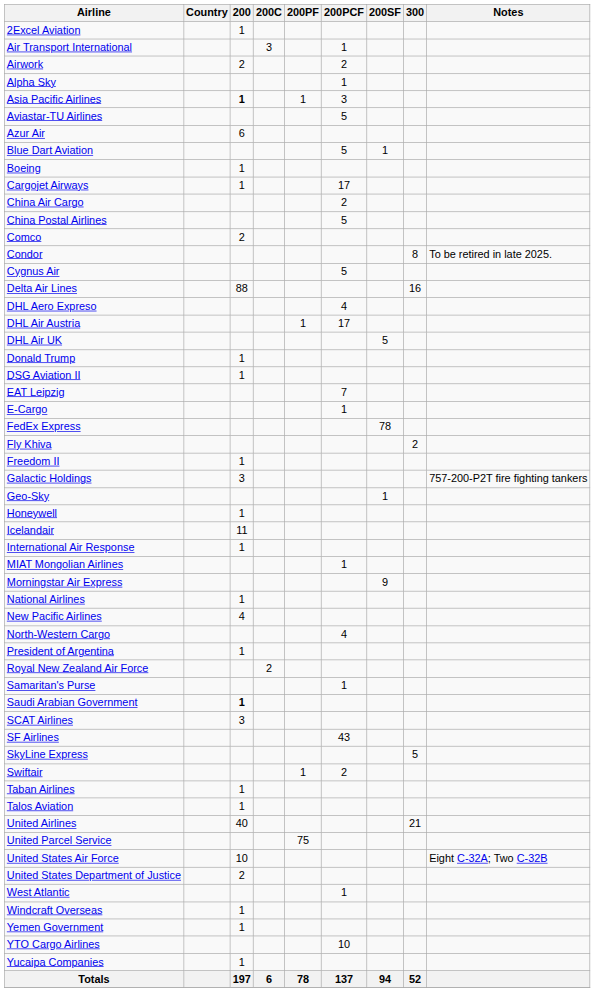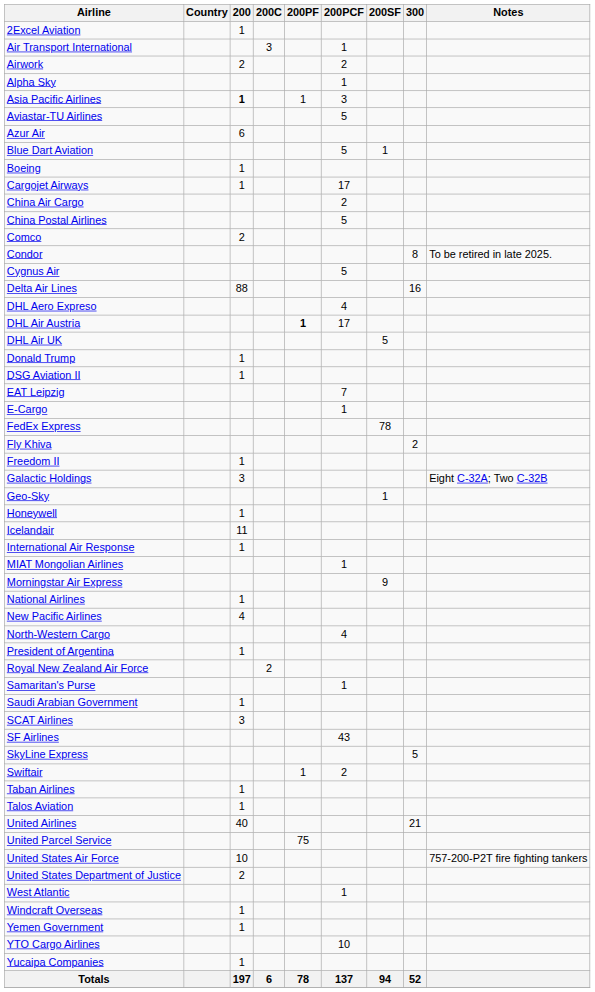 <table class="wikitable sortable sticky-header" style=text-align:center;>
 <tr>
 <th>Airline</th>
 <th class="unsortable">Country</th>
 <th>200</th>
 <th>200C</th>
 <th>200PF</th>
 <th>200PCF</th>
 <th>200SF</th>
 <th>300</th>
 <th class="unsortable">Notes</th>
 </tr>
 <tr>
 <td align=left><a href='#'>2Excel Aviation</a></td>
 <td></td>
 <td>1</td>
 <td></td>
 <td></td>
 <td></td>
 <td></td>
 <td></td>
 <td align=left></td>
 </tr>
 <tr>
 <td align=left><a href='#'>Air Transport International</a></td>
 <td></td>
 <td></td>
 <td>3</td>
 <td></td>
 <td>1</td>
 <td></td>
 <td></td>
 <td align=left></td>
 </tr>
 <tr>
 <td align=left><a href='#'>Airwork</a></td>
 <td></td>
 <td>2</td>
 <td></td>
 <td></td>
 <td>2</td>
 <td></td>
 <td></td>
 <td align=left></td>
 </tr>
 <tr>
 <td align=left><a href='#'>Alpha Sky</a></td>
 <td></td>
 <td></td>
 <td></td>
 <td></td>
 <td>1</td>
 <td></td>
 <td></td>
 <td align=left></td>
 </tr>
 <tr>
 <td align=left><a href='#'>Asia Pacific Airlines</a></td>
 <td></td>
 <td><strong>1</strong></td>
 <td></td>
 <td>1</td>
 <td>3</td>
 <td></td>
 <td></td>
 <td align=left></td>
 </tr>
 <tr>
 <td align=left><a href='#'>Aviastar-TU Airlines</a></td>
 <td></td>
 <td></td>
 <td></td>
 <td></td>
 <td>5</td>
 <td></td>
 <td></td>
 <td align=left></td>
 </tr>
 <tr>
 <td align=left><a href='#'>Azur Air</a></td>
 <td></td>
 <td>6</td>
 <td></td>
 <td></td>
 <td></td>
 <td></td>
 <td></td>
 <td align=left></td>
 </tr>
 <tr>
 <td align=left><a href='#'>Blue Dart Aviation</a></td>
 <td></td>
 <td></td>
 <td></td>
 <td></td>
 <td>5</td>
 <td>1</td>
 <td></td>
 <td align=left></td>
 </tr>
 <tr>
 <td align=left><a href='#'>Boeing</a></td>
 <td></td>
 <td>1</td>
 <td></td>
 <td></td>
 <td></td>
 <td></td>
 <td></td>
 <td align=left></td>
 </tr>
 <tr>
 <td align=left><a href='#'>Cargojet Airways</a></td>
 <td></td>
 <td>1</td>
 <td></td>
 <td></td>
 <td>17</td>
 <td></td>
 <td></td>
 <td align=left></td>
 </tr>
 <tr>
 <td align=left><a href='#'>China Air Cargo</a></td>
 <td></td>
 <td></td>
 <td></td>
 <td></td>
 <td>2</td>
 <td></td>
 <td></td>
 <td align=left></td>
 </tr>
 <tr>
 <td align=left><a href='#'>China Postal Airlines</a></td>
 <td></td>
 <td></td>
 <td></td>
 <td></td>
 <td>5</td>
 <td></td>
 <td></td>
 <td align=left></td>
 </tr>
 <tr>
 <td align=left><a href='#'>Comco</a></td>
 <td></td>
 <td>2</td>
 <td></td>
 <td></td>
 <td></td>
 <td></td>
 <td></td>
 <td align=left></td>
 </tr>
 <tr>
 <td align=left><a href='#'>Condor</a></td>
 <td></td>
 <td></td>
 <td></td>
 <td></td>
 <td></td>
 <td></td>
 <td>8</td>
 <td align=left>To be retired in late 2025.</td>
 </tr>
 <tr>
 <td align=left><a href='#'>Cygnus Air</a></td>
 <td></td>
 <td></td>
 <td></td>
 <td></td>
 <td>5</td>
 <td></td>
 <td></td>
 <td align=left></td>
 </tr>
 <tr>
 <td align=left><a href='#'>Delta Air Lines</a></td>
 <td></td>
 <td>88</td>
 <td></td>
 <td></td>
 <td></td>
 <td></td>
 <td>16</td>
 <td align=left></td>
 </tr>
 <tr>
 <td align=left><a href='#'>DHL Aero Expreso</a></td>
 <td></td>
 <td></td>
 <td></td>
 <td></td>
 <td>4</td>
 <td></td>
 <td></td>
 <td align=left></td>
 </tr>
 <tr>
 <td align=left><a href='#'>DHL Air Austria</a></td>
 <td></td>
 <td></td>
 <td></td>
-<td>1</td>
+<td><strong>1</strong></td>
 <td>17</td>
 <td></td>
 <td></td>
 <td align=left></td>
 </tr>
 <tr>
 <td align=left><a href='#'>DHL Air UK</a></td>
 <td></td>
 <td></td>
 <td></td>
 <td></td>
 <td></td>
 <td>5</td>
 <td></td>
 <td align=left></td>
 </tr>
 <tr>
 <td align=left><a href='#'>Donald Trump</a></td>
 <td></td>
 <td>1</td>
 <td></td>
 <td></td>
 <td></td>
 <td></td>
 <td></td>
 <td align=left></td>
 </tr>
 <tr>
 <td align=left><a href='#'>DSG Aviation II</a></td>
 <td></td>
 <td>1</td>
 <td></td>
 <td></td>
 <td></td>
 <td></td>
 <td></td>
 <td align=left></td>
 </tr>
 <tr>
 <td align=left><a href='#'>EAT Leipzig</a></td>
 <td></td>
 <td></td>
 <td></td>
 <td></td>
 <td>7</td>
 <td></td>
 <td></td>
 <td align=left></td>
 </tr>
 <tr>
 <td align=left><a href='#'>E-Cargo</a></td>
 <td></td>
 <td></td>
 <td></td>
 <td></td>
 <td>1</td>
 <td></td>
 <td></td>
 <td align=left></td>
 </tr>
 <tr>
 <td align=left><a href='#'>FedEx Express</a></td>
 <td></td>
 <td></td>
 <td></td>
 <td></td>
 <td></td>
 <td>78</td>
 <td></td>
 <td align=left></td>
 </tr>
 <tr>
 <td align=left><a href='#'>Fly Khiva</a></td>
 <td></td>
 <td></td>
 <td></td>
 <td></td>
 <td></td>
 <td></td>
 <td>2</td>
 <td align=left></td>
 </tr>
 <tr>
 <td align=left><a href='#'>Freedom II</a></td>
 <td></td>
 <td>1</td>
 <td></td>
 <td></td>
 <td></td>
 <td></td>
 <td></td>
 <td align=left></td>
 </tr>
 <tr>
 <td align=left><a href='#'>Galactic Holdings</a></td>
 <td></td>
 <td>3</td>
 <td></td>
 <td></td>
 <td></td>
 <td></td>
 <td></td>
-<td align=left>757-200-P2T fire fighting tankers</td>
+<td align=left>Eight <a href='#'>C-32A</a>; Two <a href='#'>C-32B</a></td>
 </tr>
 <tr>
 <td align=left><a href='#'>Geo-Sky</a></td>
 <td></td>
 <td></td>
 <td></td>
 <td></td>
 <td></td>
 <td>1</td>
 <td></td>
 <td align=left></td>
 </tr>
 <tr>
 <td align=left><a href='#'>Honeywell</a></td>
 <td></td>
 <td>1</td>
 <td></td>
 <td></td>
 <td></td>
 <td></td>
 <td></td>
 <td align=left></td>
 </tr>
 <tr>
 <td align=left><a href='#'>Icelandair</a></td>
 <td></td>
 <td>11</td>
 <td></td>
 <td></td>
 <td></td>
 <td></td>
 <td></td>
 <td align=left></td>
 </tr>
 <tr>
 <td align=left><a href='#'>International Air Response</a></td>
 <td></td>
 <td>1</td>
 <td></td>
 <td></td>
 <td></td>
 <td></td>
 <td></td>
 <td align=left></td>
 </tr>
 <tr>
 <td align=left><a href='#'>MIAT Mongolian Airlines</a></td>
 <td></td>
 <td></td>
 <td></td>
 <td></td>
 <td>1</td>
 <td></td>
 <td></td>
 <td align=left></td>
 </tr>
 <tr>
 <td align=left><a href='#'>Morningstar Air Express</a></td>
 <td></td>
 <td></td>
 <td></td>
 <td></td>
 <td></td>
 <td>9</td>
 <td></td>
 <td align=left></td>
 </tr>
 <tr>
 <td align=left><a href='#'>National Airlines</a></td>
 <td></td>
 <td>1</td>
 <td></td>
 <td></td>
 <td></td>
 <td></td>
 <td></td>
 <td align=left></td>
 </tr>
 <tr>
 <td align=left><a href='#'>New Pacific Airlines</a></td>
 <td></td>
 <td>4</td>
 <td></td>
 <td></td>
 <td></td>
 <td></td>
 <td></td>
 <td align=left></td>
 </tr>
 <tr>
 <td align=left><a href='#'>North-Western Cargo</a></td>
 <td></td>
 <td></td>
 <td></td>
 <td></td>
 <td>4</td>
 <td></td>
 <td></td>
 <td align=left></td>
 </tr>
 <tr>
 <td align=left><a href='#'>President of Argentina</a></td>
 <td></td>
 <td>1</td>
 <td></td>
 <td></td>
 <td></td>
 <td></td>
 <td></td>
 <td align=left></td>
 </tr>
 <tr>
 <td align=left><a href='#'>Royal New Zealand Air Force</a></td>
 <td></td>
 <td></td>
 <td>2</td>
 <td></td>
 <td></td>
 <td></td>
 <td></td>
 <td align=left></td>
 </tr>
 <tr>
 <td align=left><a href='#'>Samaritan's Purse</a></td>
 <td></td>
 <td></td>
 <td></td>
 <td></td>
 <td>1</td>
 <td></td>
 <td></td>
 <td align=left></td>
 </tr>
 <tr>
 <td align=left><a href='#'>Saudi Arabian Government</a></td>
 <td></td>
-<td><strong>1</strong></td>
+<td>1</td>
 <td></td>
 <td></td>
 <td></td>
 <td></td>
 <td></td>
 <td align=left></td>
 </tr>
 <tr>
 <td align=left><a href='#'>SCAT Airlines</a></td>
 <td></td>
 <td>3</td>
 <td></td>
 <td></td>
 <td></td>
 <td></td>
 <td></td>
 <td align=left></td>
 </tr>
 <tr>
 <td align=left><a href='#'>SF Airlines</a></td>
 <td></td>
 <td></td>
 <td></td>
 <td></td>
 <td>43</td>
 <td></td>
 <td></td>
 <td align=left></td>
 </tr>
 <tr>
 <td align=left><a href='#'>SkyLine Express</a></td>
 <td></td>
 <td></td>
 <td></td>
 <td></td>
 <td></td>
 <td></td>
 <td>5</td>
 <td align=left></td>
 </tr>
 <tr>
 <td align=left><a href='#'>Swiftair</a></td>
 <td></td>
 <td></td>
 <td></td>
 <td>1</td>
 <td>2</td>
 <td></td>
 <td></td>
 <td align=left></td>
 </tr>
 <tr>
 <td align=left><a href='#'>Taban Airlines</a></td>
 <td></td>
 <td>1</td>
 <td></td>
 <td></td>
 <td></td>
 <td></td>
 <td></td>
 <td align=left></td>
 </tr>
 <tr>
 <td align=left><a href='#'>Talos Aviation</a></td>
 <td></td>
 <td>1</td>
 <td></td>
 <td></td>
 <td></td>
 <td></td>
 <td></td>
 <td align=left></td>
 </tr>
 <tr>
 <td align=left><a href='#'>United Airlines</a></td>
 <td></td>
 <td>40</td>
 <td></td>
 <td></td>
 <td></td>
 <td></td>
 <td>21</td>
 <td align=left></td>
 </tr>
 <tr>
 <td align=left><a href='#'>United Parcel Service</a></td>
 <td></td>
 <td></td>
 <td></td>
 <td>75</td>
 <td></td>
 <td></td>
 <td></td>
 <td align=left></td>
 </tr>
 <tr>
 <td align=left><a href='#'>United States Air Force</a></td>
 <td></td>
 <td>10</td>
 <td></td>
 <td></td>
 <td></td>
 <td></td>
 <td></td>
-<td align=left>Eight <a href='#'>C-32A</a>; Two <a href='#'>C-32B</a></td>
+<td align=left>757-200-P2T fire fighting tankers</td>
 </tr>
 <tr>
 <td align=left><a href='#'>United States Department of Justice</a></td>
 <td></td>
 <td>2</td>
 <td></td>
 <td></td>
 <td></td>
 <td></td>
 <td></td>
 <td align=left></td>
 </tr>
 <tr>
 <td align=left><a href='#'>West Atlantic</a></td>
 <td></td>
 <td></td>
 <td></td>
 <td></td>
 <td>1</td>
 <td></td>
 <td></td>
 <td align=left></td>
 </tr>
 <tr>
 <td align=left><a href='#'>Windcraft Overseas</a></td>
 <td></td>
 <td>1</td>
 <td></td>
 <td></td>
 <td></td>
 <td></td>
 <td></td>
 <td align=left></td>
 </tr>
 <tr>
 <td align=left><a href='#'>Yemen Government</a></td>
 <td></td>
 <td>1</td>
 <td></td>
 <td></td>
 <td></td>
 <td></td>
 <td></td>
 <td align=left></td>
 </tr>
 <tr>
 <td align=left><a href='#'>YTO Cargo Airlines</a></td>
 <td></td>
 <td></td>
 <td></td>
 <td></td>
 <td>10</td>
 <td></td>
 <td></td>
 <td align=left></td>
 </tr>
 <tr>
 <td align=left><a href='#'>Yucaipa Companies</a></td>
 <td></td>
 <td>1</td>
 <td></td>
 <td></td>
 <td></td>
 <td></td>
 <td></td>
 <td align=left></td>
 </tr>
 <tr>
 <th>Totals</th>
 <th></th>
 <th>197</th>
 <th>6</th>
 <th>78</th>
 <th>137</th>
 <th>94</th>
 <th>52</th>
 <th align=left></th>
 </tr>
 <tr>
 </tr>
 </table>
